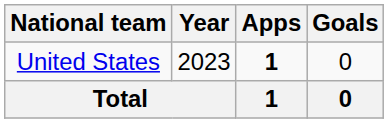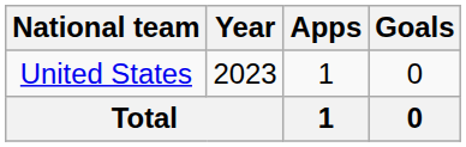 <table class="wikitable" style="text-align:center">
 <tr>
 <th>National team</th>
 <th>Year</th>
 <th>Apps</th>
 <th>Goals</th>
 </tr>
 <tr>
 <td rowspan="1"><a href='#'>United States</a></td>
 <td>2023</td>
-<td><strong>1</strong></td>
+<td>1</td>
 <td>0</td>
 </tr>
 <tr>
 <th colspan="2">Total</th>
 <th>1</th>
 <th>0</th>
 </tr>
 </table>
